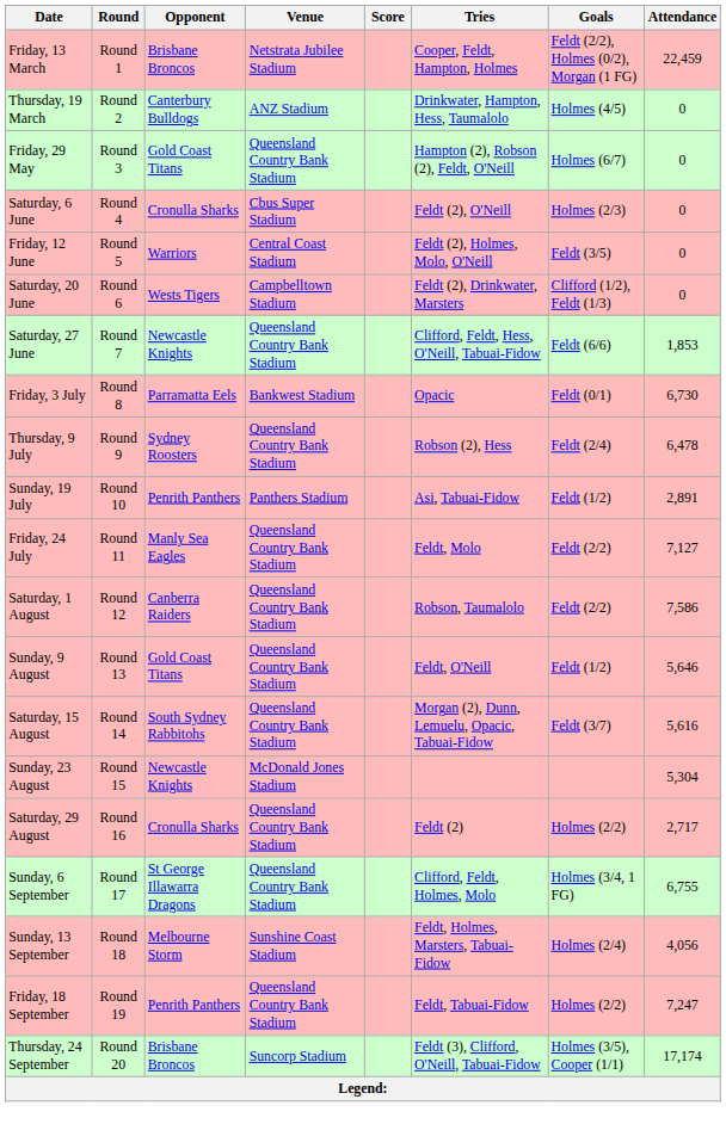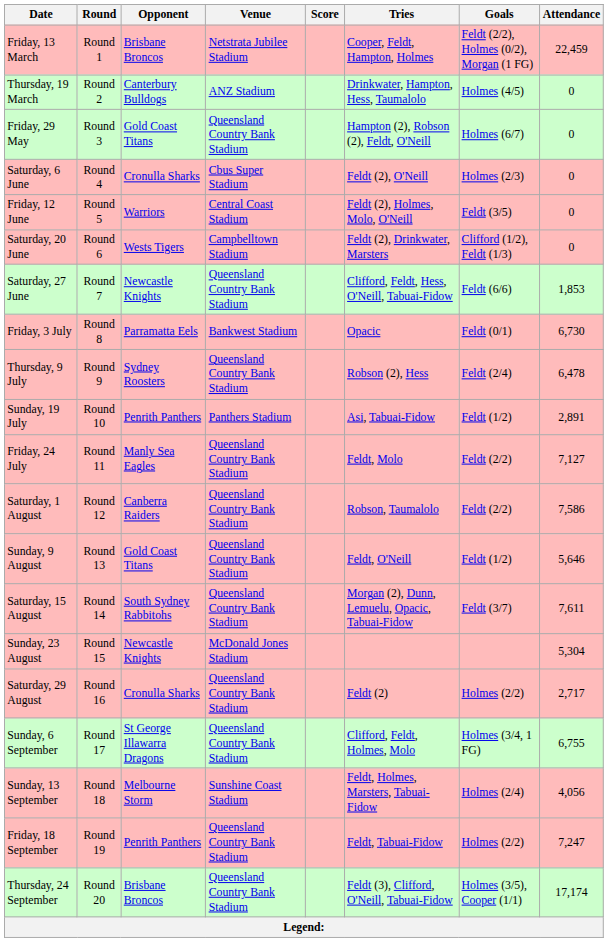 <table class="wikitable" style="font-size:75%;">
 <tr>
 <th style="width:120px;">Date</th>
 <th style="width:50px;">Round</th>
 <th style="width:160px;">Opponent</th>
 <th style="width:170px;">Venue</th>
 <th style="width:50px;">Score</th>
 <th style="width:270px;">Tries</th>
 <th style="width:190px;">Goals</th>
 <th style="width:60px;">Attendance</th>
 </tr>
 <tr style="background:#FFBBBB">
 <td>Friday, 13 March</td>
 <td style="text-align:center;">Round 1</td>
 <td> <a href='#'>Brisbane Broncos</a></td>
 <td><a href='#'>Netstrata Jubilee Stadium</a></td>
 <td style="text-align:center;"></td>
 <td><a href='#'>Cooper</a>, <a href='#'>Feldt</a>, <a href='#'>Hampton</a>, <a href='#'>Holmes</a></td>
 <td><a href='#'>Feldt</a> (2/2), <a href='#'>Holmes</a> (0/2), <a href='#'>Morgan</a> (1 FG)</td>
 <td style="text-align:center;">22,459</td>
 </tr>
 <tr style="background:#CCFFCC">
 <td>Thursday, 19 March</td>
 <td style="text-align:center;">Round 2</td>
 <td> <a href='#'>Canterbury Bulldogs</a></td>
 <td><a href='#'>ANZ Stadium</a></td>
 <td style="text-align:center;"></td>
 <td><a href='#'>Drinkwater</a>, <a href='#'>Hampton</a>, <a href='#'>Hess</a>, <a href='#'>Taumalolo</a></td>
 <td><a href='#'>Holmes</a> (4/5)</td>
 <td style="text-align:center;">0</td>
 </tr>
 <tr style="background:#CCFFCC">
 <td>Friday, 29 May</td>
 <td style="text-align:center;">Round 3</td>
 <td> <a href='#'>Gold Coast Titans</a></td>
 <td><a href='#'>Queensland Country Bank Stadium</a></td>
 <td style="text-align:center;"></td>
 <td><a href='#'>Hampton</a> (2), <a href='#'>Robson</a> (2), <a href='#'>Feldt</a>, <a href='#'>O'Neill</a></td>
 <td><a href='#'>Holmes</a> (6/7)</td>
 <td style="text-align:center;">0</td>
 </tr>
 <tr style="background:#FFBBBB">
 <td>Saturday, 6 June</td>
 <td style="text-align:center;">Round 4</td>
 <td> <a href='#'>Cronulla Sharks</a></td>
 <td><a href='#'>Cbus Super Stadium</a></td>
 <td style="text-align:center;"></td>
 <td><a href='#'>Feldt</a> (2), <a href='#'>O'Neill</a></td>
 <td><a href='#'>Holmes</a> (2/3)</td>
 <td style="text-align:center;">0</td>
 </tr>
 <tr style="background:#FFBBBB">
 <td>Friday, 12 June</td>
 <td style="text-align:center;">Round 5</td>
 <td> <a href='#'>Warriors</a></td>
 <td><a href='#'>Central Coast Stadium</a></td>
 <td style="text-align:center;"></td>
 <td><a href='#'>Feldt</a> (2), <a href='#'>Holmes</a>, <a href='#'>Molo</a>, <a href='#'>O'Neill</a></td>
 <td><a href='#'>Feldt</a> (3/5)</td>
 <td style="text-align:center;">0</td>
 </tr>
 <tr style="background:#FFBBBB">
 <td>Saturday, 20 June</td>
 <td style="text-align:center;">Round 6</td>
 <td> <a href='#'>Wests Tigers</a></td>
 <td><a href='#'>Campbelltown Stadium</a></td>
 <td style="text-align:center;"></td>
 <td><a href='#'>Feldt</a> (2), <a href='#'>Drinkwater</a>, <a href='#'>Marsters</a></td>
 <td><a href='#'>Clifford</a> (1/2), <a href='#'>Feldt</a> (1/3)</td>
 <td style="text-align:center;">0</td>
 </tr>
 <tr style="background:#CCFFCC">
 <td>Saturday, 27 June</td>
 <td style="text-align:center;">Round 7</td>
 <td> <a href='#'>Newcastle Knights</a></td>
 <td><a href='#'>Queensland Country Bank Stadium</a></td>
 <td style="text-align:center;"></td>
 <td><a href='#'>Clifford</a>, <a href='#'>Feldt</a>, <a href='#'>Hess</a>, <a href='#'>O'Neill</a>, <a href='#'>Tabuai-Fidow</a></td>
 <td><a href='#'>Feldt</a> (6/6)</td>
 <td style="text-align:center;">1,853</td>
 </tr>
 <tr style="background:#FFBBBB">
 <td>Friday, 3 July</td>
 <td style="text-align:center;">Round 8</td>
 <td> <a href='#'>Parramatta Eels</a></td>
 <td><a href='#'>Bankwest Stadium</a></td>
 <td style="text-align:center;"></td>
 <td><a href='#'>Opacic</a></td>
 <td><a href='#'>Feldt</a> (0/1)</td>
 <td style="text-align:center;">6,730</td>
 </tr>
 <tr style="background:#FFBBBB">
 <td>Thursday, 9 July</td>
 <td style="text-align:center;">Round 9</td>
 <td> <a href='#'>Sydney Roosters</a></td>
 <td><a href='#'>Queensland Country Bank Stadium</a></td>
 <td style="text-align:center;"></td>
 <td><a href='#'>Robson</a> (2), <a href='#'>Hess</a></td>
 <td><a href='#'>Feldt</a> (2/4)</td>
 <td style="text-align:center;">6,478</td>
 </tr>
 <tr style="background:#FFBBBB">
 <td>Sunday, 19 July</td>
 <td style="text-align:center;">Round 10</td>
 <td> <a href='#'>Penrith Panthers</a></td>
 <td><a href='#'>Panthers Stadium</a></td>
 <td style="text-align:center;"></td>
 <td><a href='#'>Asi</a>, <a href='#'>Tabuai-Fidow</a></td>
 <td><a href='#'>Feldt</a> (1/2)</td>
 <td style="text-align:center;">2,891</td>
 </tr>
 <tr style="background:#FFBBBB">
 <td>Friday, 24 July</td>
 <td style="text-align:center;">Round 11</td>
 <td> <a href='#'>Manly Sea Eagles</a></td>
 <td><a href='#'>Queensland Country Bank Stadium</a></td>
 <td style="text-align:center;"></td>
 <td><a href='#'>Feldt</a>, <a href='#'>Molo</a></td>
 <td><a href='#'>Feldt</a> (2/2)</td>
 <td style="text-align:center;">7,127</td>
 </tr>
 <tr style="background:#FFBBBB">
 <td>Saturday, 1 August</td>
 <td style="text-align:center;">Round 12</td>
 <td> <a href='#'>Canberra Raiders</a></td>
 <td><a href='#'>Queensland Country Bank Stadium</a></td>
 <td style="text-align:center;"></td>
 <td><a href='#'>Robson</a>, <a href='#'>Taumalolo</a></td>
 <td><a href='#'>Feldt</a> (2/2)</td>
 <td style="text-align:center;">7,586</td>
 </tr>
 <tr style="background:#FFBBBB">
 <td>Sunday, 9 August</td>
 <td style="text-align:center;">Round 13</td>
 <td> <a href='#'>Gold Coast Titans</a></td>
 <td><a href='#'>Queensland Country Bank Stadium</a></td>
 <td style="text-align:center;"></td>
 <td><a href='#'>Feldt</a>, <a href='#'>O'Neill</a></td>
 <td><a href='#'>Feldt</a> (1/2)</td>
 <td style="text-align:center;">5,646</td>
 </tr>
 <tr style="background:#FFBBBB">
 <td>Saturday, 15 August</td>
 <td style="text-align:center;">Round 14</td>
 <td> <a href='#'>South Sydney Rabbitohs</a></td>
 <td><a href='#'>Queensland Country Bank Stadium</a></td>
 <td style="text-align:center;"></td>
 <td><a href='#'>Morgan</a> (2), <a href='#'>Dunn</a>, <a href='#'>Lemuelu</a>, <a href='#'>Opacic</a>, <a href='#'>Tabuai-Fidow</a></td>
 <td><a href='#'>Feldt</a> (3/7)</td>
-<td style="text-align:center;">5,616</td>
+<td style="text-align:center;">7,611</td>
 </tr>
 <tr style="background:#FFBBBB">
 <td>Sunday, 23 August</td>
 <td style="text-align:center;">Round 15</td>
 <td> <a href='#'>Newcastle Knights</a></td>
 <td><a href='#'>McDonald Jones Stadium</a></td>
 <td style="text-align:center;"></td>
 <td></td>
 <td></td>
 <td style="text-align:center;">5,304</td>
 </tr>
 <tr style="background:#FFBBBB">
 <td>Saturday, 29 August</td>
 <td style="text-align:center;">Round 16</td>
 <td> <a href='#'>Cronulla Sharks</a></td>
 <td><a href='#'>Queensland Country Bank Stadium</a></td>
 <td style="text-align:center;"></td>
 <td><a href='#'>Feldt</a> (2)</td>
 <td><a href='#'>Holmes</a> (2/2)</td>
 <td style="text-align:center;">2,717</td>
 </tr>
 <tr style="background:#CCFFCC">
 <td>Sunday, 6 September</td>
 <td style="text-align:center;">Round 17</td>
 <td> <a href='#'>St George Illawarra Dragons</a></td>
 <td><a href='#'>Queensland Country Bank Stadium</a></td>
 <td style="text-align:center;"></td>
 <td><a href='#'>Clifford</a>, <a href='#'>Feldt</a>, <a href='#'>Holmes</a>, <a href='#'>Molo</a></td>
 <td><a href='#'>Holmes</a> (3/4, 1 FG)</td>
 <td style="text-align:center;">6,755</td>
 </tr>
 <tr style="background:#FFBBBB">
 <td>Sunday, 13 September</td>
 <td style="text-align:center;">Round 18</td>
 <td> <a href='#'>Melbourne Storm</a></td>
 <td><a href='#'>Sunshine Coast Stadium</a></td>
 <td style="text-align:center;"></td>
 <td><a href='#'>Feldt</a>, <a href='#'>Holmes</a>, <a href='#'>Marsters</a>, <a href='#'>Tabuai-Fidow</a></td>
 <td><a href='#'>Holmes</a> (2/4)</td>
 <td style="text-align:center;">4,056</td>
 </tr>
 <tr style="background:#FFBBBB">
 <td>Friday, 18 September</td>
 <td style="text-align:center;">Round 19</td>
 <td> <a href='#'>Penrith Panthers</a></td>
 <td><a href='#'>Queensland Country Bank Stadium</a></td>
 <td style="text-align:center;"></td>
 <td><a href='#'>Feldt</a>, <a href='#'>Tabuai-Fidow</a></td>
 <td><a href='#'>Holmes</a> (2/2)</td>
 <td style="text-align:center;">7,247</td>
 </tr>
 <tr style="background:#CCFFCC">
 <td>Thursday, 24 September</td>
 <td style="text-align:center;">Round 20</td>
 <td> <a href='#'>Brisbane Broncos</a></td>
-<td><a href='#'>Suncorp Stadium</a></td>
+<td><a href='#'>Queensland Country Bank Stadium</a></td>
 <td style="text-align:center;"></td>
 <td><a href='#'>Feldt</a> (3), <a href='#'>Clifford</a>, <a href='#'>O'Neill</a>, <a href='#'>Tabuai-Fidow</a></td>
 <td><a href='#'>Holmes</a> (3/5), <a href='#'>Cooper</a> (1/1)</td>
 <td style="text-align:center;">17,174</td>
 </tr>
 <tr>
 <th colspan="11"><strong>Legend</strong>:    </th>
 </tr>
 </table>
